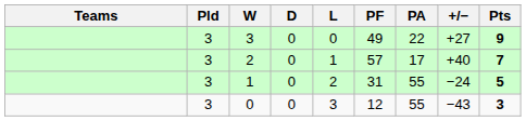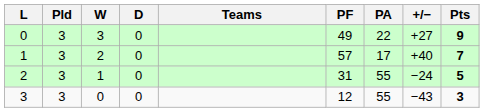 <table class="wikitable" style="text-align: center;">
 <tr>
-<th width="200">Teams</th>
+<th width="40">L</th>
 <th width="40">Pld</th>
 <th width="40">W</th>
 <th width="40">D</th>
-<th width="40">L</th>
+<th width="200">Teams</th>
 <th width="40">PF</th>
 <th width="40">PA</th>
 <th width="40">+/−</th>
 <th width="40">Pts</th>
 </tr>
 <tr style="background:#cfc; width:20px;">
-<td align=left></td>
+<td>0</td>
 <td>3</td>
 <td>3</td>
 <td>0</td>
-<td>0</td>
+<td align=left></td>
 <td>49</td>
 <td>22</td>
 <td>+27</td>
 <td><strong>9</strong></td>
 </tr>
 <tr style="background:#cfc; width:20px;">
-<td align=left></td>
+<td>1</td>
 <td>3</td>
 <td>2</td>
 <td>0</td>
-<td>1</td>
+<td align=left></td>
 <td>57</td>
 <td>17</td>
 <td>+40</td>
 <td><strong>7</strong></td>
 </tr>
 <tr style="background:#cfc; width:20px;">
-<td align=left></td>
+<td>2</td>
 <td>3</td>
 <td>1</td>
 <td>0</td>
-<td>2</td>
+<td align=left></td>
 <td>31</td>
 <td>55</td>
 <td>−24</td>
 <td><strong>5</strong></td>
 </tr>
 <tr>
-<td align=left></td>
+<td>3</td>
 <td>3</td>
 <td>0</td>
 <td>0</td>
-<td>3</td>
+<td align=left></td>
 <td>12</td>
 <td>55</td>
 <td>−43</td>
 <td><strong>3</strong></td>
 </tr>
 </table>
